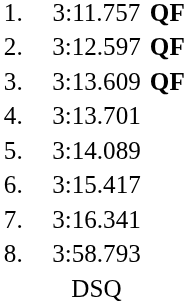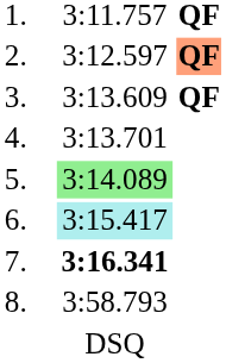 <table style="text-align:center">
 <tr>
 <td width=30>1.</td>
 <td align=left></td>
 <td width=60>3:11.757</td>
 <td><strong>QF</strong></td>
 </tr>
 <tr>
 <td>2.</td>
 <td align=left></td>
 <td>3:12.597</td>
-<td><strong>QF</strong></td>
+<td style="background: lightsalmon;"><strong>QF</strong></td>
 </tr>
 <tr>
 <td>3.</td>
 <td align=left></td>
 <td>3:13.609</td>
 <td><strong>QF</strong></td>
 </tr>
 <tr>
 <td>4.</td>
 <td align=left></td>
 <td>3:13.701</td>
 </tr>
 <tr>
 <td>5.</td>
 <td align=left></td>
-<td>3:14.089</td>
+<td style="background: lightgreen;">3:14.089</td>
 </tr>
 <tr>
 <td>6.</td>
 <td align=left></td>
-<td>3:15.417</td>
+<td style="background: paleturquoise;">3:15.417</td>
 </tr>
 <tr>
 <td>7.</td>
 <td align=left></td>
-<td>3:16.341</td>
+<td><strong>3:16.341</strong></td>
 </tr>
 <tr>
 <td>8.</td>
 <td align=left></td>
 <td>3:58.793</td>
 </tr>
 <tr>
 <td></td>
 <td align=left></td>
 <td>DSQ</td>
 </tr>
 </table>
